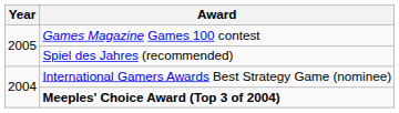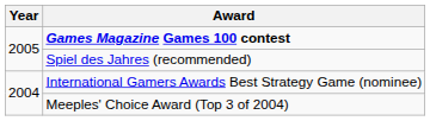 <table class="wikitable sortable">
 <tr>
 <th>Year</th>
 <th>Award</th>
 </tr>
 <tr>
 <td rowspan=2>2005</td>
-<td><em><a href='#'>Games Magazine</a></em> <a href='#'>Games 100</a> contest </td>
+<td><strong><em><a href='#'>Games Magazine</a></em> <a href='#'>Games 100</a> contest </strong></td>
 </tr>
 <tr>
 <td><a href='#'>Spiel des Jahres</a> (recommended) </td>
 </tr>
 <tr>
 <td rowspan=2>2004</td>
 <td><a href='#'>International Gamers Awards</a> Best Strategy Game (nominee) </td>
 </tr>
 <tr>
-<td><strong>Meeples' Choice Award (Top 3 of 2004) </strong></td>
+<td>Meeples' Choice Award (Top 3 of 2004) </td>
 </tr>
 </table>
